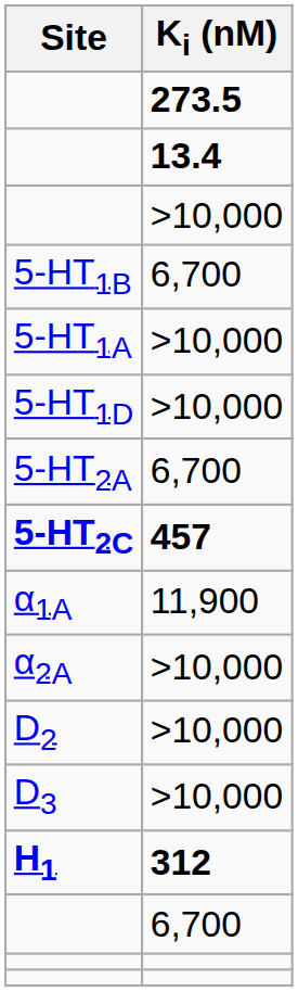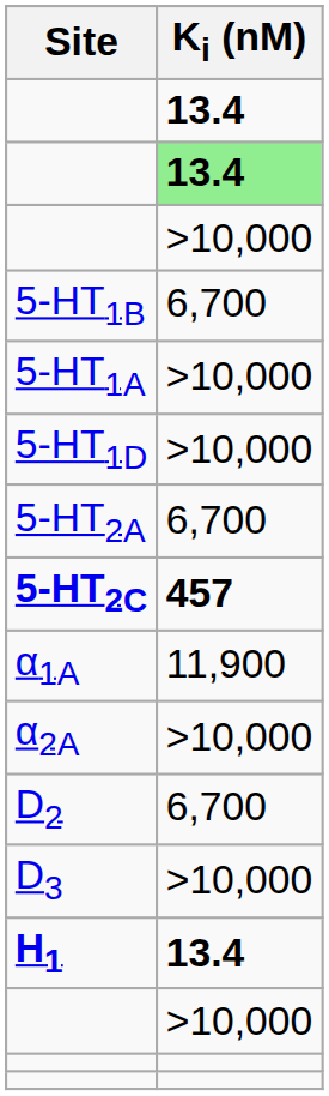 <table class="wikitable floatright">
 <tr>
 <th>Site</th>
 <th>K<sub>i</sub> (nM)</th>
 </tr>
 <tr>
 <td><strong></strong></td>
-<td><strong>273.5</strong></td>
+<td><strong>13.4</strong></td>
 </tr>
 <tr>
 <td><strong></strong></td>
-<td><strong>13.4</strong></td>
+<td style="background: lightgreen;"><strong>13.4</strong></td>
 </tr>
 <tr>
 <td></td>
 <td>>10,000</td>
 </tr>
 <tr>
 <td><a href='#'>5-HT<sub>1B</sub></a></td>
 <td>6,700</td>
 </tr>
 <tr>
 <td><a href='#'>5-HT<sub>1A</sub></a></td>
 <td>>10,000</td>
 </tr>
 <tr>
 <td><a href='#'>5-HT<sub>1D</sub></a></td>
 <td>>10,000</td>
 </tr>
 <tr>
 <td><a href='#'>5-HT<sub>2A</sub></a></td>
 <td>6,700</td>
 </tr>
 <tr>
 <td><strong><a href='#'>5-HT<sub>2C</sub></a></strong></td>
 <td><strong>457</strong></td>
 </tr>
 <tr>
 <td><a href='#'>α<sub>1A</sub></a></td>
 <td>11,900</td>
 </tr>
 <tr>
 <td><a href='#'>α<sub>2A</sub></a></td>
 <td>>10,000</td>
 </tr>
 <tr>
 <td><a href='#'>D<sub>2</sub></a></td>
-<td>>10,000</td>
+<td>6,700</td>
 </tr>
 <tr>
 <td><a href='#'>D<sub>3</sub></a></td>
 <td>>10,000</td>
 </tr>
 <tr>
 <td><strong><a href='#'>H<sub>1</sub></a></strong></td>
-<td><strong>312</strong></td>
+<td><strong>13.4</strong></td>
 </tr>
 <tr>
 <td></td>
-<td>6,700</td>
+<td>>10,000</td>
 </tr>
 <tr>
 <td></td>
 <td></td>
 </tr>
 <tr>
 <td></td>
 <td></td>
 </tr>
 </table>
